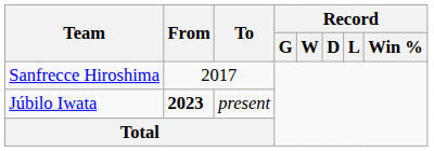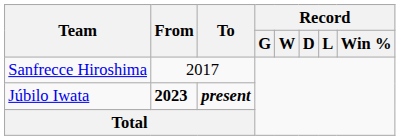 <table class="wikitable" style="text-align: center">
 <tr>
 <th rowspan="2">Team</th>
 <th rowspan="2">From</th>
 <th rowspan="2">To</th>
 <th colspan="5">Record</th>
 </tr>
 <tr>
 <th>G</th>
 <th>W</th>
 <th>D</th>
 <th>L</th>
 <th>Win %</th>
 </tr>
 <tr>
 <td align="left"><a href='#'>Sanfrecce Hiroshima</a></td>
 <td align="center" colspan="2">2017<br></td>
 </tr>
 <tr>
 <td align="left"><a href='#'>Júbilo Iwata</a></td>
 <td align="left"><strong>2023</strong></td>
-<td align="left"><em>present</em><br></td>
+<td align="left"><strong><em>present</em><br></strong></td>
 </tr>
 <tr>
 <th colspan="3">Total<br></th>
 </tr>
 </table>
